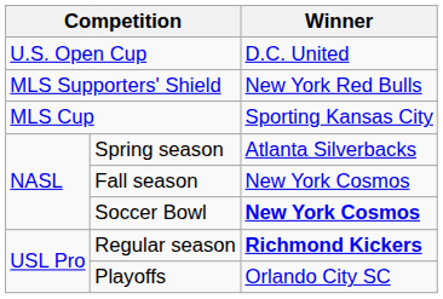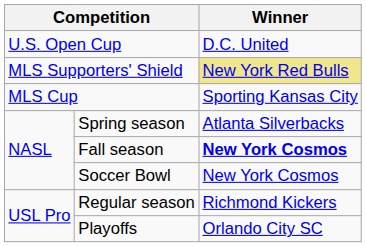 <table class="wikitable">
 <tr>
 <th colspan=2>Competition</th>
 <th>Winner</th>
 </tr>
 <tr>
 <td colspan=2><a href='#'>U.S. Open Cup</a></td>
 <td><a href='#'>D.C. United</a></td>
 </tr>
 <tr>
 <td colspan=2><a href='#'>MLS Supporters' Shield</a></td>
-<td><a href='#'>New York Red Bulls</a></td>
+<td style="background: khaki;"><a href='#'>New York Red Bulls</a></td>
 </tr>
 <tr>
 <td colspan=2><a href='#'>MLS Cup</a></td>
 <td><a href='#'>Sporting Kansas City</a></td>
 </tr>
 <tr>
 <td rowspan=3><a href='#'>NASL</a></td>
 <td>Spring season</td>
 <td><a href='#'>Atlanta Silverbacks</a></td>
 </tr>
 <tr>
 <td>Fall season</td>
-<td><a href='#'>New York Cosmos</a></td>
+<td><strong><a href='#'>New York Cosmos</a></strong></td>
 </tr>
 <tr>
 <td>Soccer Bowl</td>
-<td><strong><a href='#'>New York Cosmos</a></strong></td>
+<td><a href='#'>New York Cosmos</a></td>
 </tr>
 <tr>
 <td rowspan=2><a href='#'>USL Pro</a></td>
 <td>Regular season</td>
-<td><strong><a href='#'>Richmond Kickers</a></strong></td>
+<td><a href='#'>Richmond Kickers</a></td>
 </tr>
 <tr>
 <td>Playoffs</td>
 <td><a href='#'>Orlando City SC</a></td>
 </tr>
 </table>
